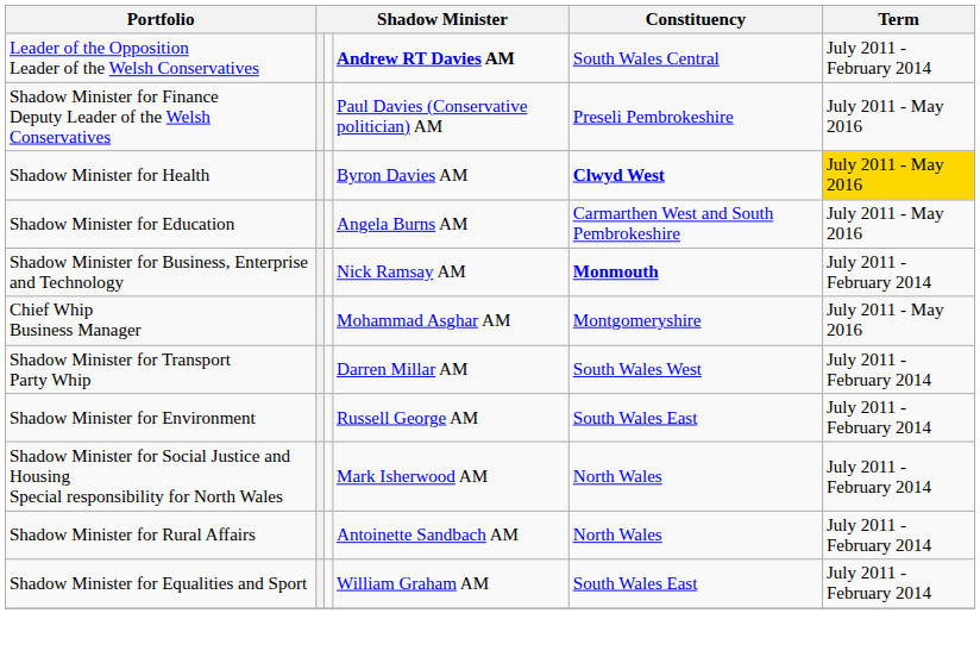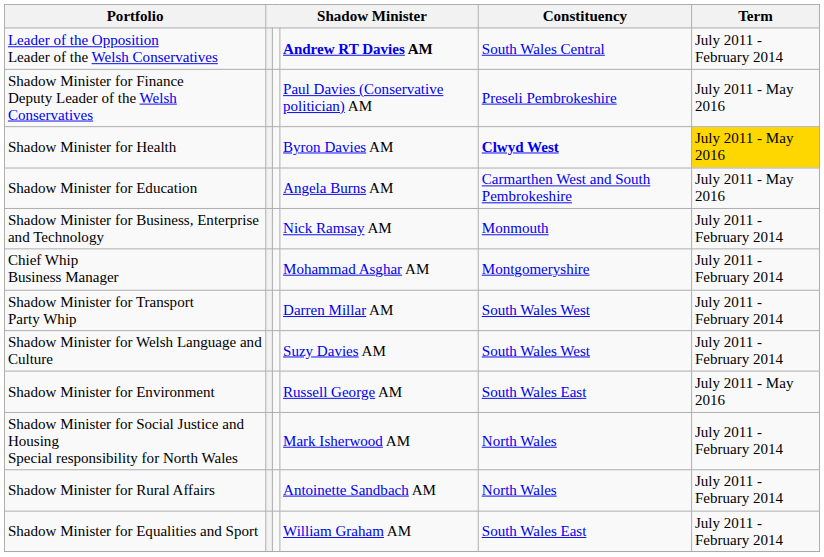 <table class="wikitable">
 <tr>
 <th colspan="1">Portfolio</th>
 <th colspan="3">Shadow Minister</th>
 <th colspan="1">Constituency</th>
 <th colspan="1">Term</th>
 </tr>
 <tr>
 <td><a href='#'>Leader of the Opposition</a> <br> Leader of the <a href='#'>Welsh Conservatives</a></td>
 <th style="background: "></th>
 <td></td>
 <td><strong><a href='#'>Andrew RT Davies</a> AM</strong></td>
 <td><a href='#'>South Wales Central</a></td>
 <td>July 2011 - February 2014</td>
 </tr>
 <tr>
 <td>Shadow Minister for Finance<br>Deputy Leader of the <a href='#'>Welsh Conservatives</a></td>
 <th style="background: "></th>
 <td></td>
 <td><a href='#'>Paul Davies (Conservative politician)</a> AM</td>
 <td><a href='#'>Preseli Pembrokeshire</a></td>
 <td>July 2011 - May 2016</td>
 </tr>
 <tr>
 <td>Shadow Minister for Health</td>
 <th style="background: "></th>
 <td></td>
 <td><a href='#'>Byron Davies</a> AM</td>
 <td><strong><a href='#'>Clwyd West</a></strong></td>
 <td style="background: gold;">July 2011 - May 2016</td>
 </tr>
 <tr>
 <td>Shadow Minister for Education</td>
 <th style="background: "></th>
 <td></td>
 <td><a href='#'>Angela Burns</a> AM</td>
 <td><a href='#'>Carmarthen West and South Pembrokeshire</a></td>
 <td>July 2011 - May 2016</td>
 </tr>
 <tr>
 <td>Shadow Minister for Business, Enterprise and Technology</td>
 <th style="background: "></th>
 <td></td>
 <td><a href='#'>Nick Ramsay</a> AM</td>
-<td><strong><a href='#'>Monmouth</a></strong></td>
+<td><a href='#'>Monmouth</a></td>
 <td>July 2011 - February 2014</td>
 </tr>
 <tr>
 <td>Chief Whip <br> Business Manager</td>
 <th style="background: "></th>
 <td></td>
 <td><a href='#'>Mohammad Asghar</a> AM</td>
 <td><a href='#'>Montgomeryshire</a></td>
-<td>July 2011 - May 2016</td>
+<td>July 2011 - February 2014</td>
 </tr>
 <tr>
 <td>Shadow Minister for Transport <br> Party Whip</td>
 <th style="background: "></th>
 <td></td>
 <td><a href='#'>Darren Millar</a> AM</td>
 <td><a href='#'>South Wales West</a></td>
 <td>July 2011 - February 2014</td>
 </tr>
 <tr>
+<td>Shadow Minister for Welsh Language and Culture</td>
+<th style="background: "></th>
+<td></td>
+<td><a href='#'>Suzy Davies</a> AM</td>
+<td><a href='#'>South Wales West</a></td>
+<td>July 2011 - February 2014</td>
+</tr>
+<tr>
 <td>Shadow Minister for Environment</td>
 <th style="background: "></th>
 <td></td>
 <td><a href='#'>Russell George</a> AM</td>
 <td><a href='#'>South Wales East</a></td>
-<td>July 2011 - February 2014</td>
+<td>July 2011 - May 2016</td>
 </tr>
 <tr>
 <td>Shadow Minister for Social Justice and Housing <br> Special responsibility for North Wales</td>
 <th style="background: "></th>
 <td></td>
 <td><a href='#'>Mark Isherwood</a> AM</td>
 <td><a href='#'>North Wales</a></td>
 <td>July 2011 - February 2014</td>
 </tr>
 <tr>
 <td>Shadow Minister for Rural Affairs</td>
 <th style="background: "></th>
 <td></td>
 <td><a href='#'>Antoinette Sandbach</a> AM</td>
 <td><a href='#'>North Wales</a></td>
 <td>July 2011 - February 2014</td>
 </tr>
 <tr>
 <td>Shadow Minister for Equalities and Sport</td>
 <th style="background: "></th>
 <td></td>
 <td><a href='#'>William Graham</a> AM</td>
 <td><a href='#'>South Wales East</a></td>
 <td>July 2011 - February 2014</td>
 </tr>
 <tr>
 </tr>
 </table>
